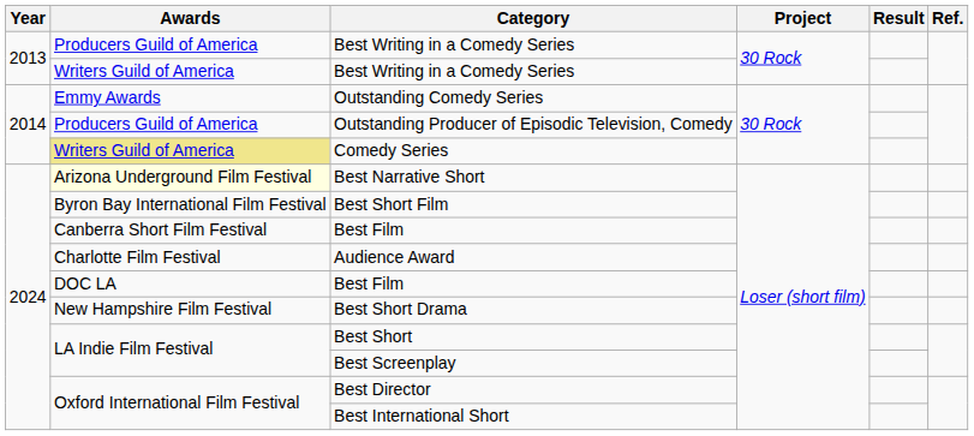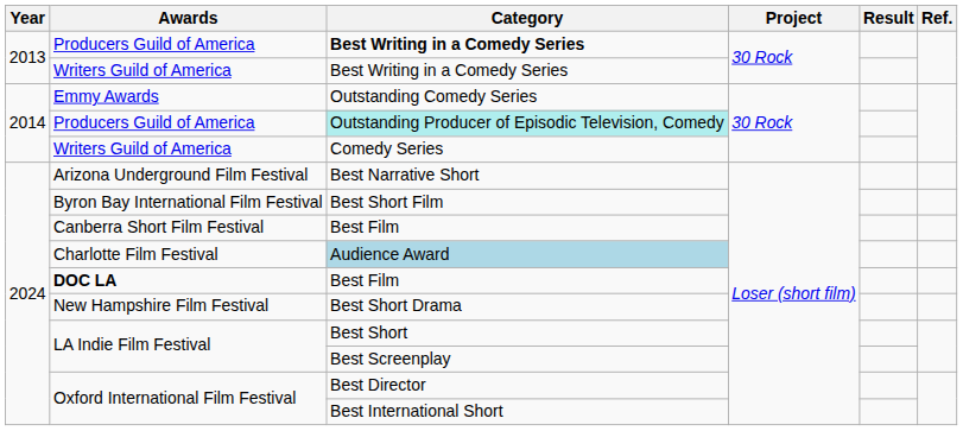 <table class="wikitable sortable">
 <tr>
 <th>Year</th>
 <th>Awards</th>
 <th>Category</th>
 <th>Project</th>
 <th>Result</th>
 <th>Ref.</th>
 </tr>
 <tr>
 <td rowspan="2">2013</td>
 <td><a href='#'>Producers Guild of America</a></td>
-<td>Best Writing in a Comedy Series</td>
+<td><strong>Best Writing in a Comedy Series</strong></td>
 <td rowspan="2"><em><a href='#'>30 Rock</a></em></td>
 <td></td>
 <td rowspan="2"></td>
 </tr>
 <tr>
 <td><a href='#'>Writers Guild of America</a></td>
 <td>Best Writing in a Comedy Series</td>
 <td></td>
 </tr>
 <tr>
 <td rowspan="3">2014</td>
 <td><a href='#'>Emmy Awards</a></td>
 <td>Outstanding Comedy Series</td>
 <td rowspan="3"><em><a href='#'>30 Rock</a></em></td>
 <td></td>
 <td rowspan="3"></td>
 </tr>
 <tr>
 <td><a href='#'>Producers Guild of America</a></td>
-<td>Outstanding Producer of Episodic Television, Comedy</td>
+<td style="background: paleturquoise;">Outstanding Producer of Episodic Television, Comedy</td>
 <td></td>
 </tr>
 <tr>
-<td style="background: khaki;"><a href='#'>Writers Guild of America</a></td>
+<td><a href='#'>Writers Guild of America</a></td>
 <td>Comedy Series</td>
 <td></td>
 </tr>
 <tr>
 <td rowspan="10">2024</td>
-<td style="background: lightyellow;">Arizona Underground Film Festival</td>
+<td>Arizona Underground Film Festival</td>
 <td>Best Narrative Short</td>
 <td rowspan="10"><em><a href='#'>Loser (short film)</a></em></td>
 <td></td>
 <td></td>
 </tr>
 <tr>
 <td>Byron Bay International Film Festival</td>
 <td>Best Short Film</td>
 <td></td>
 <td></td>
 </tr>
 <tr>
 <td>Canberra Short Film Festival</td>
 <td>Best Film</td>
 <td></td>
 <td></td>
 </tr>
 <tr>
 <td>Charlotte Film Festival</td>
-<td>Audience Award</td>
+<td style="background: lightblue;">Audience Award</td>
 <td></td>
 <td></td>
 </tr>
 <tr>
-<td>DOC LA</td>
+<td><strong>DOC LA</strong></td>
 <td>Best Film</td>
 <td></td>
 <td></td>
 </tr>
 <tr>
 <td>New Hampshire Film Festival</td>
 <td>Best Short Drama</td>
 <td></td>
 <td></td>
 </tr>
 <tr>
 <td rowspan="2">LA Indie Film Festival</td>
 <td>Best Short</td>
 <td></td>
 <td rowspan="2"></td>
 </tr>
 <tr>
 <td>Best Screenplay</td>
 <td></td>
 </tr>
 <tr>
 <td rowspan="2">Oxford International Film Festival</td>
 <td>Best Director</td>
 <td></td>
 <td rowspan="2"></td>
 </tr>
 <tr>
 <td>Best International Short</td>
 <td></td>
 </tr>
 </table>
